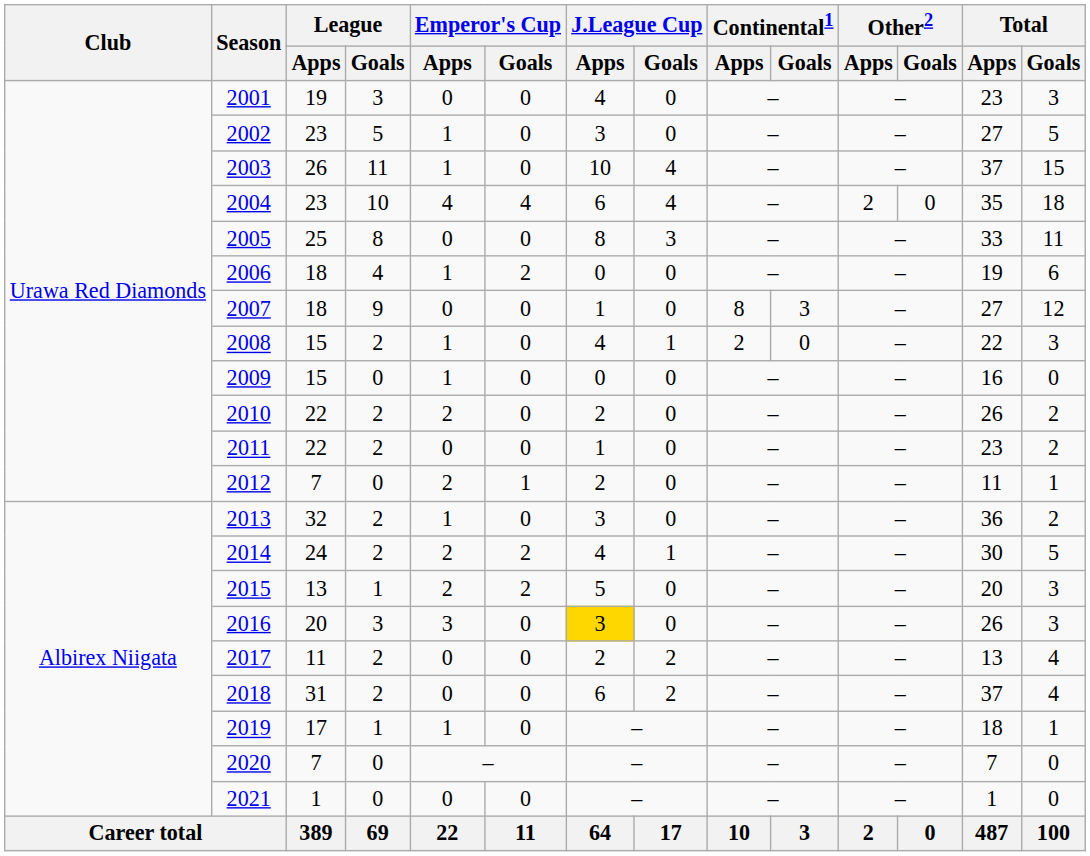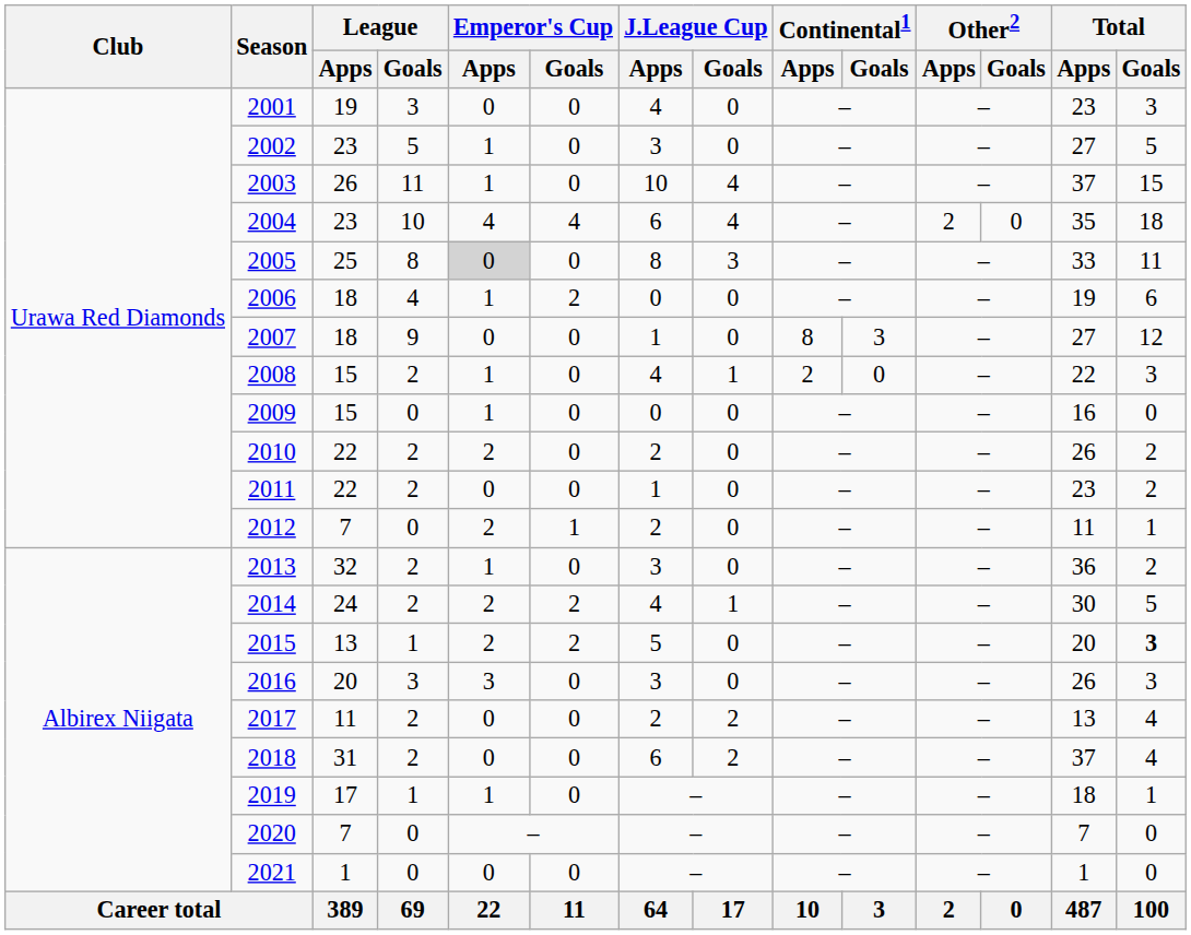 <table class="wikitable" style="text-align:center;">
 <tr>
 <th rowspan="2">Club</th>
 <th rowspan="2">Season</th>
 <th colspan="2">League</th>
 <th colspan="2"><a href='#'>Emperor's Cup</a></th>
 <th colspan="2"><a href='#'>J.League Cup</a></th>
 <th colspan="2">Continental<sup><a href='#'>1</a></sup></th>
 <th colspan="2">Other<sup><a href='#'>2</a></sup></th>
 <th colspan="2">Total</th>
 </tr>
 <tr>
 <th>Apps</th>
 <th>Goals</th>
 <th>Apps</th>
 <th>Goals</th>
 <th>Apps</th>
 <th>Goals</th>
 <th>Apps</th>
 <th>Goals</th>
 <th>Apps</th>
 <th>Goals</th>
 <th>Apps</th>
 <th>Goals</th>
 </tr>
 <tr>
 <td rowspan="12"><a href='#'>Urawa Red Diamonds</a></td>
 <td><a href='#'>2001</a></td>
 <td>19</td>
 <td>3</td>
 <td>0</td>
 <td>0</td>
 <td>4</td>
 <td>0</td>
 <td colspan="2">–</td>
 <td colspan="2">–</td>
 <td>23</td>
 <td>3</td>
 </tr>
 <tr>
 <td><a href='#'>2002</a></td>
 <td>23</td>
 <td>5</td>
 <td>1</td>
 <td>0</td>
 <td>3</td>
 <td>0</td>
 <td colspan="2">–</td>
 <td colspan="2">–</td>
 <td>27</td>
 <td>5</td>
 </tr>
 <tr>
 <td><a href='#'>2003</a></td>
 <td>26</td>
 <td>11</td>
 <td>1</td>
 <td>0</td>
 <td>10</td>
 <td>4</td>
 <td colspan="2">–</td>
 <td colspan="2">–</td>
 <td>37</td>
 <td>15</td>
 </tr>
 <tr>
 <td><a href='#'>2004</a></td>
 <td>23</td>
 <td>10</td>
 <td>4</td>
 <td>4</td>
 <td>6</td>
 <td>4</td>
 <td colspan="2">–</td>
 <td>2</td>
 <td>0</td>
 <td>35</td>
 <td>18</td>
 </tr>
 <tr>
 <td><a href='#'>2005</a></td>
 <td>25</td>
 <td>8</td>
-<td>0</td>
+<td style="background: lightgrey;">0</td>
 <td>0</td>
 <td>8</td>
 <td>3</td>
 <td colspan="2">–</td>
 <td colspan="2">–</td>
 <td>33</td>
 <td>11</td>
 </tr>
 <tr>
 <td><a href='#'>2006</a></td>
 <td>18</td>
 <td>4</td>
 <td>1</td>
 <td>2</td>
 <td>0</td>
 <td>0</td>
 <td colspan="2">–</td>
 <td colspan="2">–</td>
 <td>19</td>
 <td>6</td>
 </tr>
 <tr>
 <td><a href='#'>2007</a></td>
 <td>18</td>
 <td>9</td>
 <td>0</td>
 <td>0</td>
 <td>1</td>
 <td>0</td>
 <td>8</td>
 <td>3</td>
 <td colspan="2">–</td>
 <td>27</td>
 <td>12</td>
 </tr>
 <tr>
 <td><a href='#'>2008</a></td>
 <td>15</td>
 <td>2</td>
 <td>1</td>
 <td>0</td>
 <td>4</td>
 <td>1</td>
 <td>2</td>
 <td>0</td>
 <td colspan="2">–</td>
 <td>22</td>
 <td>3</td>
 </tr>
 <tr>
 <td><a href='#'>2009</a></td>
 <td>15</td>
 <td>0</td>
 <td>1</td>
 <td>0</td>
 <td>0</td>
 <td>0</td>
 <td colspan="2">–</td>
 <td colspan="2">–</td>
 <td>16</td>
 <td>0</td>
 </tr>
 <tr>
 <td><a href='#'>2010</a></td>
 <td>22</td>
 <td>2</td>
 <td>2</td>
 <td>0</td>
 <td>2</td>
 <td>0</td>
 <td colspan="2">–</td>
 <td colspan="2">–</td>
 <td>26</td>
 <td>2</td>
 </tr>
 <tr>
 <td><a href='#'>2011</a></td>
 <td>22</td>
 <td>2</td>
 <td>0</td>
 <td>0</td>
 <td>1</td>
 <td>0</td>
 <td colspan="2">–</td>
 <td colspan="2">–</td>
 <td>23</td>
 <td>2</td>
 </tr>
 <tr>
 <td><a href='#'>2012</a></td>
 <td>7</td>
 <td>0</td>
 <td>2</td>
 <td>1</td>
 <td>2</td>
 <td>0</td>
 <td colspan="2">–</td>
 <td colspan="2">–</td>
 <td>11</td>
 <td>1</td>
 </tr>
 <tr>
 <td rowspan="9"><a href='#'>Albirex Niigata</a></td>
 <td><a href='#'>2013</a></td>
 <td>32</td>
 <td>2</td>
 <td>1</td>
 <td>0</td>
 <td>3</td>
 <td>0</td>
 <td colspan="2">–</td>
 <td colspan="2">–</td>
 <td>36</td>
 <td>2</td>
 </tr>
 <tr>
 <td><a href='#'>2014</a></td>
 <td>24</td>
 <td>2</td>
 <td>2</td>
 <td>2</td>
 <td>4</td>
 <td>1</td>
 <td colspan="2">–</td>
 <td colspan="2">–</td>
 <td>30</td>
 <td>5</td>
 </tr>
 <tr>
 <td><a href='#'>2015</a></td>
 <td>13</td>
 <td>1</td>
 <td>2</td>
 <td>2</td>
 <td>5</td>
 <td>0</td>
 <td colspan="2">–</td>
 <td colspan="2">–</td>
 <td>20</td>
-<td>3</td>
+<td><strong>3</strong></td>
 </tr>
 <tr>
 <td><a href='#'>2016</a></td>
 <td>20</td>
 <td>3</td>
 <td>3</td>
 <td>0</td>
-<td style="background: gold;">3</td>
+<td>3</td>
 <td>0</td>
 <td colspan="2">–</td>
 <td colspan="2">–</td>
 <td>26</td>
 <td>3</td>
 </tr>
 <tr>
 <td><a href='#'>2017</a></td>
 <td>11</td>
 <td>2</td>
 <td>0</td>
 <td>0</td>
 <td>2</td>
 <td>2</td>
 <td colspan="2">–</td>
 <td colspan="2">–</td>
 <td>13</td>
 <td>4</td>
 </tr>
 <tr>
 <td><a href='#'>2018</a></td>
 <td>31</td>
 <td>2</td>
 <td>0</td>
 <td>0</td>
 <td>6</td>
 <td>2</td>
 <td colspan="2">–</td>
 <td colspan="2">–</td>
 <td>37</td>
 <td>4</td>
 </tr>
 <tr>
 <td><a href='#'>2019</a></td>
 <td>17</td>
 <td>1</td>
 <td>1</td>
 <td>0</td>
 <td colspan="2">–</td>
 <td colspan="2">–</td>
 <td colspan="2">–</td>
 <td>18</td>
 <td>1</td>
 </tr>
 <tr>
 <td><a href='#'>2020</a></td>
 <td>7</td>
 <td>0</td>
 <td colspan="2">–</td>
 <td colspan="2">–</td>
 <td colspan="2">–</td>
 <td colspan="2">–</td>
 <td>7</td>
 <td>0</td>
 </tr>
 <tr>
 <td><a href='#'>2021</a></td>
 <td>1</td>
 <td>0</td>
 <td>0</td>
 <td>0</td>
 <td colspan="2">–</td>
 <td colspan="2">–</td>
 <td colspan="2">–</td>
 <td>1</td>
 <td>0</td>
 </tr>
 <tr>
 <th colspan="2">Career total</th>
 <th>389</th>
 <th>69</th>
 <th>22</th>
 <th>11</th>
 <th>64</th>
 <th>17</th>
 <th>10</th>
 <th>3</th>
 <th>2</th>
 <th>0</th>
 <th>487</th>
 <th>100</th>
 </tr>
 </table>
